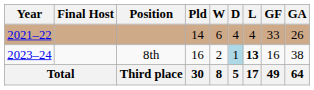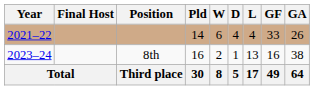 <table class="wikitable" style="text-align: center;">
 <tr>
 <th>Year</th>
 <th>Final Host</th>
 <th>Position</th>
 <th>Pld</th>
 <th>W</th>
 <th>D</th>
 <th>L</th>
 <th>GF</th>
 <th>GA</th>
 </tr>
 <tr bgcolor=#CFAA88>
 <td><a href='#'>2021–22</a></td>
 <td></td>
 <td></td>
 <td>14</td>
 <td>6</td>
 <td>4</td>
 <td>4</td>
 <td>33</td>
 <td>26</td>
 </tr>
 <tr>
 <td><a href='#'>2023–24</a></td>
 <td></td>
 <td>8th</td>
 <td>16</td>
 <td>2</td>
-<td style="background: lightblue;">1</td>
-<td><strong>13</strong></td>
+<td>1</td>
+<td>13</td>
 <td>16</td>
 <td>38</td>
 </tr>
 <tr>
 <th colspan=2>Total</th>
 <th>Third place</th>
 <th>30</th>
 <th>8</th>
 <th>5</th>
 <th>17</th>
 <th>49</th>
 <th>64</th>
 </tr>
 </table>
